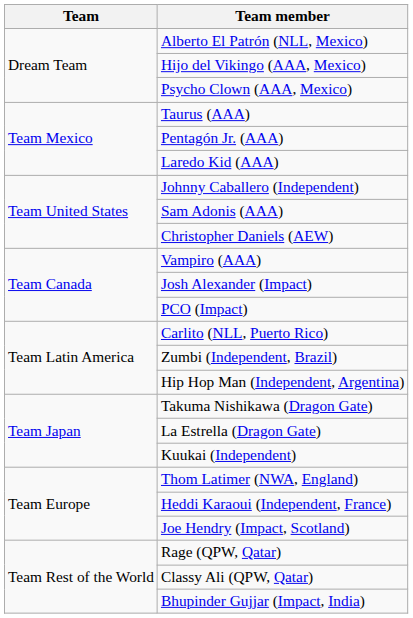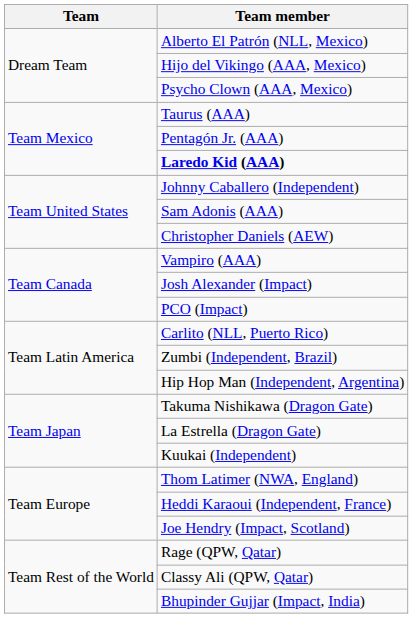 <table class="wikitable sortable">
 <tr>
 <th>Team</th>
 <th>Team member</th>
 </tr>
 <tr>
 <td rowspan=3>Dream Team</td>
 <td><a href='#'>Alberto El Patrón</a> (<a href='#'>NLL</a>, <a href='#'>Mexico</a>)</td>
 </tr>
 <tr>
 <td><a href='#'>Hijo del Vikingo</a> (<a href='#'>AAA</a>, <a href='#'>Mexico</a>)</td>
 </tr>
 <tr>
 <td><a href='#'>Psycho Clown</a> (<a href='#'>AAA</a>, <a href='#'>Mexico</a>)</td>
 </tr>
 <tr>
 <td rowspan=3><a href='#'>Team Mexico</a></td>
 <td><a href='#'>Taurus</a> (<a href='#'>AAA</a>)</td>
 </tr>
 <tr>
 <td><a href='#'>Pentagón Jr.</a> (<a href='#'>AAA</a>)</td>
 </tr>
 <tr>
-<td><a href='#'>Laredo Kid</a> (<a href='#'>AAA</a>)</td>
+<td><strong><a href='#'>Laredo Kid</a> (<a href='#'>AAA</a>)</strong></td>
 </tr>
 <tr>
 <td rowspan=3><a href='#'>Team United States</a></td>
 <td><a href='#'>Johnny Caballero</a> (<a href='#'>Independent</a>)</td>
 </tr>
 <tr>
 <td><a href='#'>Sam Adonis</a> (<a href='#'>AAA</a>)</td>
 </tr>
 <tr>
 <td><a href='#'>Christopher Daniels</a> (<a href='#'>AEW</a>)</td>
 </tr>
 <tr>
 <td rowspan=3><a href='#'>Team Canada</a></td>
 <td><a href='#'>Vampiro</a> (<a href='#'>AAA</a>)</td>
 </tr>
 <tr>
 <td><a href='#'>Josh Alexander</a> (<a href='#'>Impact</a>)</td>
 </tr>
 <tr>
 <td><a href='#'>PCO</a> (<a href='#'>Impact</a>)</td>
 </tr>
 <tr>
 <td rowspan=3>Team Latin America</td>
 <td><a href='#'>Carlito</a> (<a href='#'>NLL</a>, <a href='#'>Puerto Rico</a>)</td>
 </tr>
 <tr>
 <td>Zumbi (<a href='#'>Independent</a>, <a href='#'>Brazil</a>)</td>
 </tr>
 <tr>
 <td>Hip Hop Man (<a href='#'>Independent</a>, <a href='#'>Argentina</a>)</td>
 </tr>
 <tr>
 <td rowspan=3><a href='#'>Team Japan</a></td>
 <td>Takuma Nishikawa (<a href='#'>Dragon Gate</a>)</td>
 </tr>
 <tr>
 <td>La Estrella (<a href='#'>Dragon Gate</a>)</td>
 </tr>
 <tr>
 <td>Kuukai (<a href='#'>Independent</a>)</td>
 </tr>
 <tr>
 <td rowspan=3>Team Europe</td>
 <td><a href='#'>Thom Latimer</a> (<a href='#'>NWA</a>, <a href='#'>England</a>)</td>
 </tr>
 <tr>
 <td><a href='#'>Heddi Karaoui</a> (<a href='#'>Independent</a>, <a href='#'>France</a>)</td>
 </tr>
 <tr>
 <td><a href='#'>Joe Hendry</a> (<a href='#'>Impact</a>, <a href='#'>Scotland</a>)</td>
 </tr>
 <tr>
 <td rowspan=3>Team Rest of the World</td>
 <td>Rage (QPW, <a href='#'>Qatar</a>)</td>
 </tr>
 <tr>
 <td>Classy Ali (QPW, <a href='#'>Qatar</a>)</td>
 </tr>
 <tr>
 <td><a href='#'>Bhupinder Gujjar</a> (<a href='#'>Impact</a>, <a href='#'>India</a>)</td>
 </tr>
 </table>
